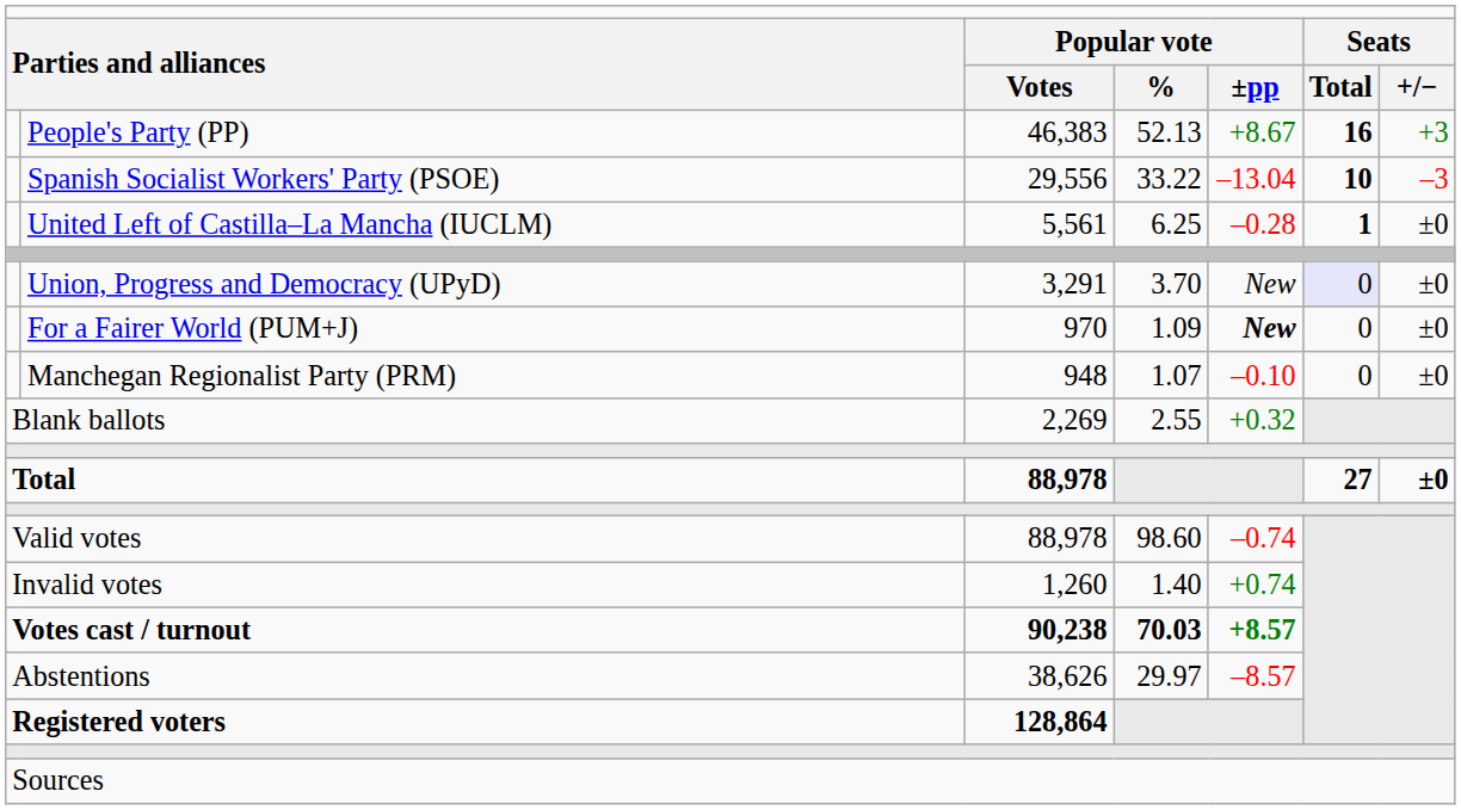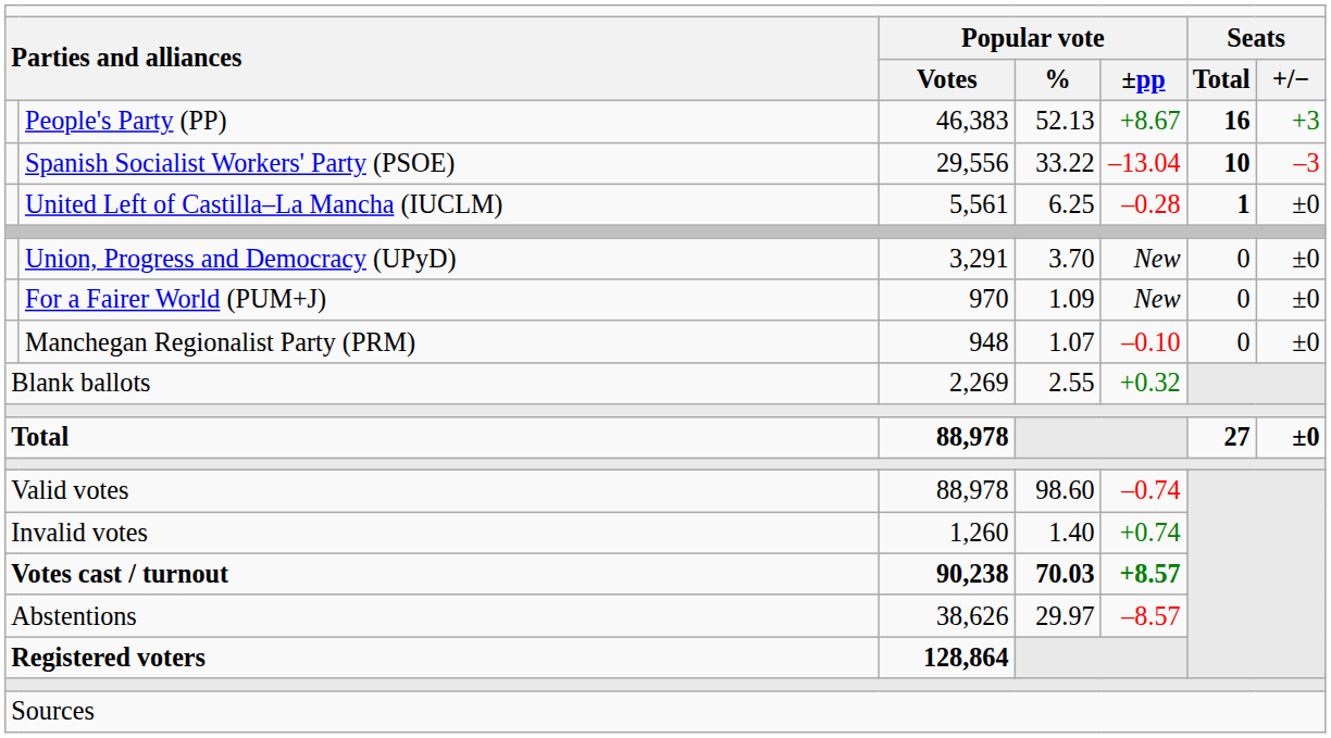 <table class="wikitable" style="text-align:right;">
 <tr>
 <td colspan="7"></td>
 </tr>
 <tr>
 <th style="text-align:left;" rowspan="2" colspan="2" width="525">Parties and alliances</th>
 <th colspan="3">Popular vote</th>
 <th colspan="2">Seats</th>
 </tr>
 <tr>
 <th width="75">Votes</th>
 <th width="45">%</th>
 <th width="45">±<a href='#'>pp</a></th>
 <th width="35">Total</th>
 <th width="35">+/−</th>
 </tr>
 <tr>
 <td width="1" style="color:inherit;background:"></td>
 <td align="left"><a href='#'>People's Party</a> (PP)</td>
 <td>46,383</td>
 <td>52.13</td>
 <td style="color:green;">+8.67</td>
 <td><strong>16</strong></td>
 <td style="color:green;">+3</td>
 </tr>
 <tr>
 <td style="color:inherit;background:"></td>
 <td align="left"><a href='#'>Spanish Socialist Workers' Party</a> (PSOE)</td>
 <td>29,556</td>
 <td>33.22</td>
 <td style="color:red;">–13.04</td>
 <td><strong>10</strong></td>
 <td style="color:red;">–3</td>
 </tr>
 <tr>
 <td style="color:inherit;background:"></td>
 <td align="left"><a href='#'>United Left of Castilla–La Mancha</a> (IUCLM)</td>
 <td>5,561</td>
 <td>6.25</td>
 <td style="color:red;">–0.28</td>
 <td><strong>1</strong></td>
 <td>±0</td>
 </tr>
 <tr>
 <td colspan="7" bgcolor="#C0C0C0"></td>
 </tr>
 <tr>
 <td style="color:inherit;background:"></td>
 <td align="left"><a href='#'>Union, Progress and Democracy</a> (UPyD)</td>
 <td>3,291</td>
 <td>3.70</td>
 <td><em>New</em></td>
-<td style="background: lavender;">0</td>
+<td>0</td>
 <td>±0</td>
 </tr>
 <tr>
 <td style="color:inherit;background:"></td>
 <td align="left"><a href='#'>For a Fairer World</a> (PUM+J)</td>
 <td>970</td>
 <td>1.09</td>
-<td><strong><em>New</em></strong></td>
+<td><em>New</em></td>
 <td>0</td>
 <td>±0</td>
 </tr>
 <tr>
 <td style="color:inherit;background:"></td>
 <td align="left">Manchegan Regionalist Party (PRM)</td>
 <td>948</td>
 <td>1.07</td>
 <td style="color:red;">–0.10</td>
 <td>0</td>
 <td>±0</td>
 </tr>
 <tr>
 <td align="left" colspan="2">Blank ballots</td>
 <td>2,269</td>
 <td>2.55</td>
 <td style="color:green;">+0.32</td>
 <td bgcolor="#E9E9E9" colspan="2"></td>
 </tr>
 <tr>
 <td colspan="7" bgcolor="#E9E9E9"></td>
 </tr>
 <tr style="font-weight:bold;">
 <td align="left" colspan="2">Total</td>
 <td>88,978</td>
 <td bgcolor="#E9E9E9" colspan="2"></td>
 <td>27</td>
 <td>±0</td>
 </tr>
 <tr>
 <td colspan="7" bgcolor="#E9E9E9"></td>
 </tr>
 <tr>
 <td align="left" colspan="2">Valid votes</td>
 <td>88,978</td>
 <td>98.60</td>
 <td style="color:red;">–0.74</td>
 <td bgcolor="#E9E9E9" colspan="2" rowspan="5"></td>
 </tr>
 <tr>
 <td align="left" colspan="2">Invalid votes</td>
 <td>1,260</td>
 <td>1.40</td>
 <td style="color:green;">+0.74</td>
 </tr>
 <tr style="font-weight:bold;">
 <td align="left" colspan="2">Votes cast / turnout</td>
 <td>90,238</td>
 <td>70.03</td>
 <td style="color:green;">+8.57</td>
 </tr>
 <tr>
 <td align="left" colspan="2">Abstentions</td>
 <td>38,626</td>
 <td>29.97</td>
 <td style="color:red;">–8.57</td>
 </tr>
 <tr style="font-weight:bold;">
 <td align="left" colspan="2">Registered voters</td>
 <td>128,864</td>
 <td bgcolor="#E9E9E9" colspan="2"></td>
 </tr>
 <tr>
 <td colspan="7" bgcolor="#E9E9E9"></td>
 </tr>
 <tr>
 <td align="left" colspan="7">Sources</td>
 </tr>
 </table>
